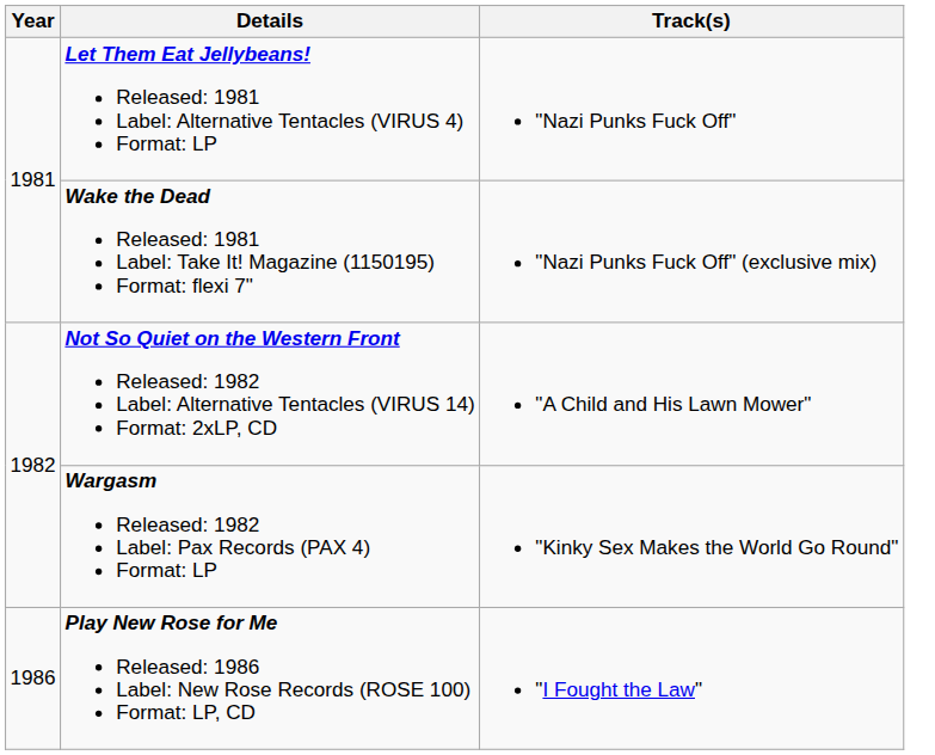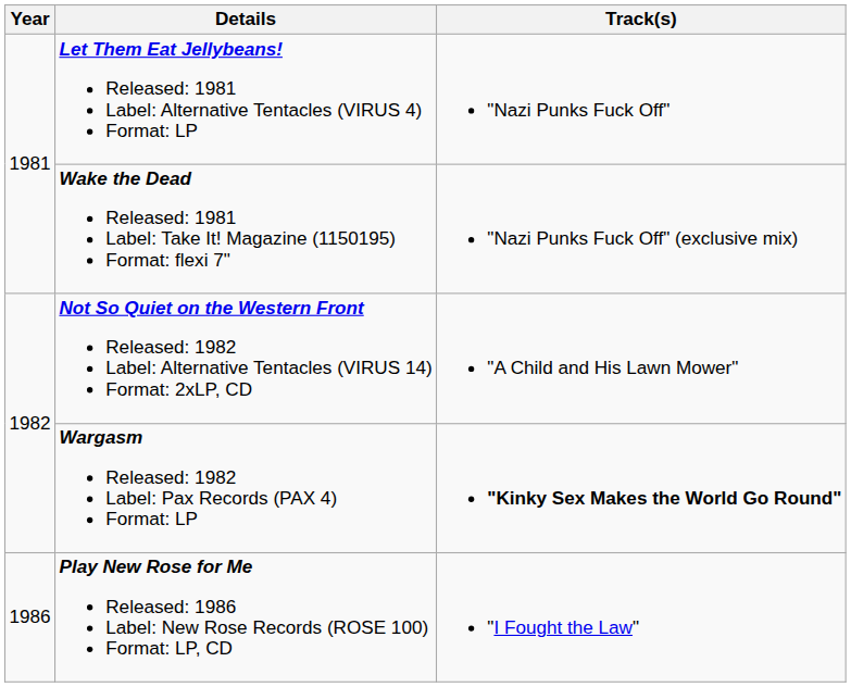 <table class ="wikitable">
 <tr>
 <th>Year</th>
 <th>Details</th>
 <th>Track(s)</th>
 </tr>
 <tr>
 <td rowspan="2">1981</td>
 <td><strong><em><a href='#'>Let Them Eat Jellybeans!</a></em></strong><br><ul><li>Released: 1981</li><li>Label: Alternative Tentacles (VIRUS 4)</li><li>Format: LP</li></ul></td>
 <td><br><ul><li>"Nazi Punks Fuck Off"</li></ul></td>
 </tr>
 <tr>
 <td><strong><em>Wake the Dead</em></strong><br><ul><li>Released: 1981</li><li>Label: Take It! Magazine (1150195)</li><li>Format: flexi 7"</li></ul></td>
 <td><br><ul><li>"Nazi Punks Fuck Off" (exclusive mix)</li></ul></td>
 </tr>
 <tr>
 <td rowspan="2">1982</td>
 <td><strong><em><a href='#'>Not So Quiet on the Western Front</a></em></strong><br><ul><li>Released: 1982</li><li>Label: Alternative Tentacles (VIRUS 14)</li><li>Format: 2xLP, CD</li></ul></td>
 <td><br><ul><li>"A Child and His Lawn Mower"</li></ul></td>
 </tr>
 <tr>
 <td><strong><em>Wargasm</em></strong><br><ul><li>Released: 1982</li><li>Label: Pax Records (PAX 4)</li><li>Format: LP</li></ul></td>
-<td><br><ul><li>"Kinky Sex Makes the World Go Round"</li></ul></td>
+<td><strong><br><ul><li>"Kinky Sex Makes the World Go Round"</li></ul></strong></td>
 </tr>
 <tr>
 <td>1986</td>
 <td><strong><em>Play New Rose for Me</em></strong><br><ul><li>Released: 1986</li><li>Label: New Rose Records (ROSE 100)</li><li>Format: LP, CD</li></ul></td>
 <td><br><ul><li>"<a href='#'>I Fought the Law</a>"</li></ul></td>
 </tr>
 </table>
